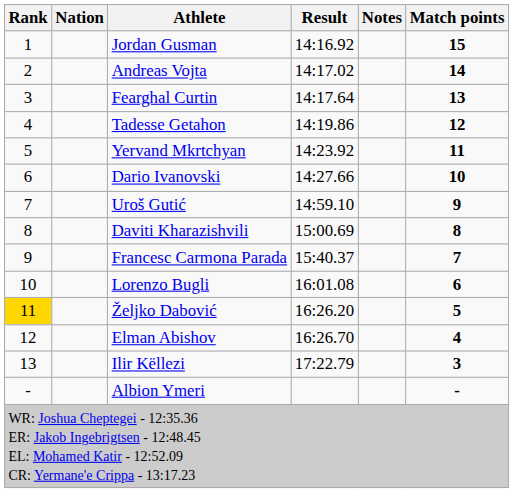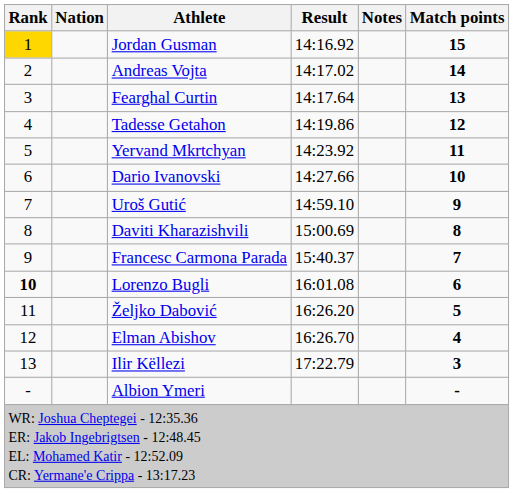 <table class="wikitable sortable" style="text-align:left;">
 <tr>
 <th>Rank</th>
 <th>Nation</th>
 <th>Athlete</th>
 <th>Result</th>
 <th>Notes</th>
 <th>Match points</th>
 </tr>
 <tr>
-<td align=center>1</td>
+<td align=center style="background: gold;">1</td>
 <td></td>
 <td><a href='#'>Jordan Gusman</a></td>
 <td align=center>14:16.92</td>
 <td></td>
 <td align=center><strong>15</strong></td>
 </tr>
 <tr>
 <td align=center>2</td>
 <td></td>
 <td><a href='#'>Andreas Vojta</a></td>
 <td align=center>14:17.02</td>
 <td></td>
 <td align=center><strong>14</strong></td>
 </tr>
 <tr>
 <td align=center>3</td>
 <td></td>
 <td><a href='#'>Fearghal Curtin</a></td>
 <td align=center>14:17.64</td>
 <td align=center></td>
 <td align=center><strong>13</strong></td>
 </tr>
 <tr>
 <td align=center>4</td>
 <td></td>
 <td><a href='#'>Tadesse Getahon</a></td>
 <td align=center>14:19.86</td>
 <td></td>
 <td align=center><strong>12</strong></td>
 </tr>
 <tr>
 <td align=center>5</td>
 <td></td>
 <td><a href='#'>Yervand Mkrtchyan</a></td>
 <td align=center>14:23.92</td>
 <td align=center></td>
 <td align=center><strong>11</strong></td>
 </tr>
 <tr>
 <td align=center>6</td>
 <td></td>
 <td><a href='#'>Dario Ivanovski</a></td>
 <td align=center>14:27.66</td>
 <td align=center></td>
 <td align=center><strong>10</strong></td>
 </tr>
 <tr>
 <td align=center>7</td>
 <td></td>
 <td><a href='#'>Uroš Gutić</a></td>
 <td align=center>14:59.10</td>
 <td align=center></td>
 <td align=center><strong>9</strong></td>
 </tr>
 <tr>
 <td align=center>8</td>
 <td></td>
 <td><a href='#'>Daviti Kharazishvili</a></td>
 <td align=center>15:00.69</td>
 <td align=center></td>
 <td align=center><strong>8</strong></td>
 </tr>
 <tr>
 <td align=center>9</td>
 <td></td>
 <td><a href='#'>Francesc Carmona Parada</a></td>
 <td align=center>15:40.37</td>
 <td align=center></td>
 <td align=center><strong>7</strong></td>
 </tr>
 <tr>
-<td align=center>10</td>
+<td align=center><strong>10</strong></td>
 <td></td>
 <td><a href='#'>Lorenzo Bugli</a></td>
 <td align=center>16:01.08</td>
 <td align=center></td>
 <td align=center><strong>6</strong></td>
 </tr>
 <tr>
-<td align=center style="background: gold;">11</td>
+<td align=center>11</td>
 <td></td>
 <td><a href='#'>Željko Dabović</a></td>
 <td align=center>16:26.20</td>
 <td align=center></td>
 <td align=center><strong>5</strong></td>
 </tr>
 <tr>
 <td align=center>12</td>
 <td></td>
 <td><a href='#'>Elman Abishov</a></td>
 <td align=center>16:26.70</td>
 <td align=center></td>
 <td align=center><strong>4</strong></td>
 </tr>
 <tr>
 <td align=center>13</td>
 <td></td>
 <td><a href='#'>Ilir Këllezi</a></td>
 <td align=center>17:22.79</td>
 <td align=center></td>
 <td align=center><strong>3</strong></td>
 </tr>
 <tr>
 <td align=center>-</td>
 <td></td>
 <td><a href='#'>Albion Ymeri</a></td>
 <td align=center></td>
 <td></td>
 <td align=center><strong>-</strong></td>
 </tr>
 <tr>
 <td colspan="6" bgcolor="#cccccc"><small>WR:  <a href='#'>Joshua Cheptegei</a> - 12:35.36<br>ER:  <a href='#'>Jakob Ingebrigtsen</a> - 12:48.45<br></small><small>EL:   <a href='#'>Mohamed Katir</a> - 12:52.09<br>CR:  <a href='#'>Yermane'e Crippa</a> - 13:17.23</small></td>
 </tr>
 </table>
